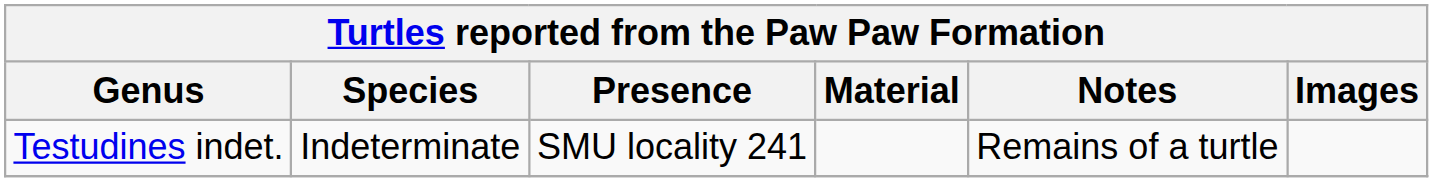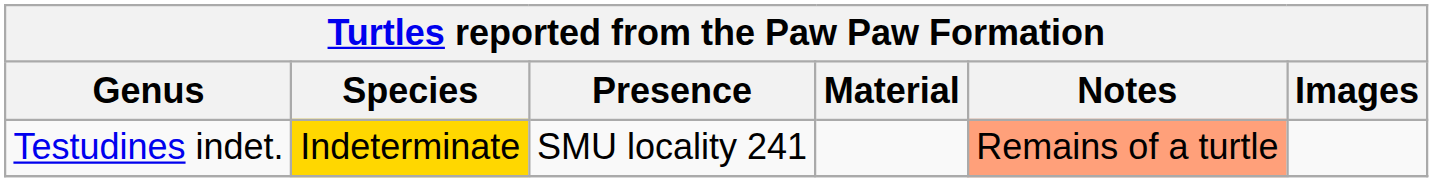 <table class="wikitable" align="center">
 <tr>
 <th colspan="6" align="center"><strong><a href='#'>Turtles</a> reported from the Paw Paw Formation</strong></th>
 </tr>
 <tr>
 <th>Genus</th>
 <th>Species</th>
 <th>Presence</th>
 <th><strong>Material</strong></th>
 <th>Notes</th>
 <th>Images</th>
 </tr>
 <tr>
 <td><a href='#'>Testudines</a> indet.</td>
-<td>Indeterminate</td>
+<td style="background: gold;">Indeterminate</td>
 <td>SMU locality 241</td>
 <td></td>
-<td>Remains of a turtle</td>
+<td style="background: lightsalmon;">Remains of a turtle</td>
 <td></td>
 </tr>
 <tr>
 </tr>
 </table>
